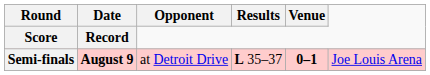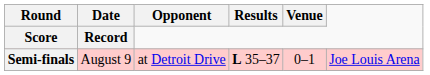 <table class="wikitable" style="text-align:center">
 <tr>
 <th>Round</th>
 <th>Date</th>
 <th>Opponent</th>
 <th>Results</th>
 <th>Venue</th>
 </tr>
 <tr>
 <th>Score</th>
 <th>Record</th>
 </tr>
 <tr style="background:#fcc">
 <th>Semi-finals</th>
-<td><strong>August 9</strong></td>
+<td>August 9</td>
 <td>at <a href='#'>Detroit Drive</a></td>
 <td><strong>L</strong> 35–37</td>
-<td><strong>0–1</strong></td>
+<td>0–1</td>
 <td><a href='#'>Joe Louis Arena</a></td>
 </tr>
 </table>
